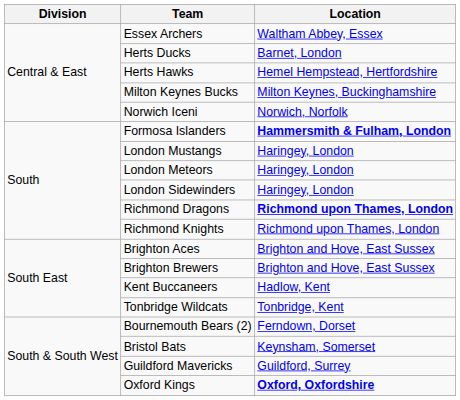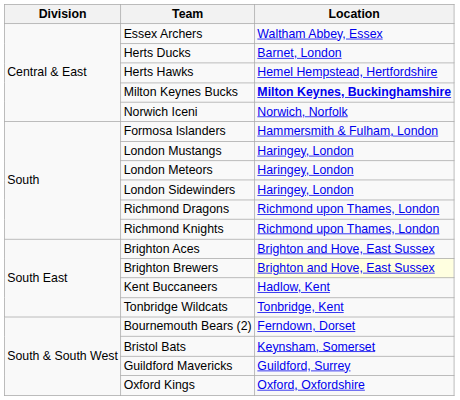 <table class="wikitable">
 <tr>
 <th>Division</th>
 <th>Team</th>
 <th>Location</th>
 </tr>
 <tr>
 <td rowspan="5">Central & East</td>
 <td>Essex Archers</td>
 <td rowspan="1"><a href='#'>Waltham Abbey, Essex</a></td>
 </tr>
 <tr>
 <td>Herts Ducks</td>
 <td><a href='#'>Barnet, London</a></td>
 </tr>
 <tr>
 <td>Herts Hawks</td>
 <td rowspan="1"><a href='#'>Hemel Hempstead, Hertfordshire</a></td>
 </tr>
 <tr>
 <td>Milton Keynes Bucks</td>
-<td><a href='#'>Milton Keynes, Buckinghamshire</a></td>
+<td><strong><a href='#'>Milton Keynes, Buckinghamshire</a></strong></td>
 </tr>
 <tr>
 <td>Norwich Iceni</td>
 <td><a href='#'>Norwich, Norfolk</a></td>
 </tr>
 <tr>
 <td rowspan="6">South</td>
 <td>Formosa Islanders</td>
-<td><strong><a href='#'>Hammersmith & Fulham, London</a></strong></td>
+<td><a href='#'>Hammersmith & Fulham, London</a></td>
 </tr>
 <tr>
 <td>London Mustangs</td>
 <td rowspan="1"><a href='#'>Haringey, London</a></td>
 </tr>
 <tr>
 <td>London Meteors</td>
 <td rowspan="1"><a href='#'>Haringey, London</a></td>
 </tr>
 <tr>
 <td>London Sidewinders</td>
 <td rowspan="1"><a href='#'>Haringey, London</a></td>
 </tr>
 <tr>
 <td>Richmond Dragons</td>
-<td rowspan="1"><strong><a href='#'>Richmond upon Thames, London</a></strong></td>
+<td rowspan="1"><a href='#'>Richmond upon Thames, London</a></td>
 </tr>
 <tr>
 <td>Richmond Knights</td>
 <td rowspan="1"><a href='#'>Richmond upon Thames, London</a></td>
 </tr>
 <tr>
 <td rowspan="4">South East</td>
 <td>Brighton Aces</td>
 <td><a href='#'>Brighton and Hove, East Sussex</a></td>
 </tr>
 <tr>
 <td>Brighton Brewers</td>
-<td><a href='#'>Brighton and Hove, East Sussex</a></td>
+<td style="background: lightyellow;"><a href='#'>Brighton and Hove, East Sussex</a></td>
 </tr>
 <tr>
 <td>Kent Buccaneers</td>
 <td><a href='#'>Hadlow, Kent</a></td>
 </tr>
 <tr>
 <td>Tonbridge Wildcats</td>
 <td><a href='#'>Tonbridge, Kent</a></td>
 </tr>
 <tr>
 <td rowspan="4">South & South West</td>
 <td>Bournemouth Bears (2)</td>
 <td rowspan="1"><a href='#'>Ferndown, Dorset</a></td>
 </tr>
 <tr>
 <td>Bristol Bats</td>
 <td rowspan="1"><a href='#'>Keynsham, Somerset</a></td>
 </tr>
 <tr>
 <td>Guildford Mavericks</td>
 <td rowspan="1"><a href='#'>Guildford, Surrey</a></td>
 </tr>
 <tr>
 <td>Oxford Kings</td>
-<td><strong><a href='#'>Oxford, Oxfordshire</a></strong></td>
+<td><a href='#'>Oxford, Oxfordshire</a></td>
 </tr>
 </table>
